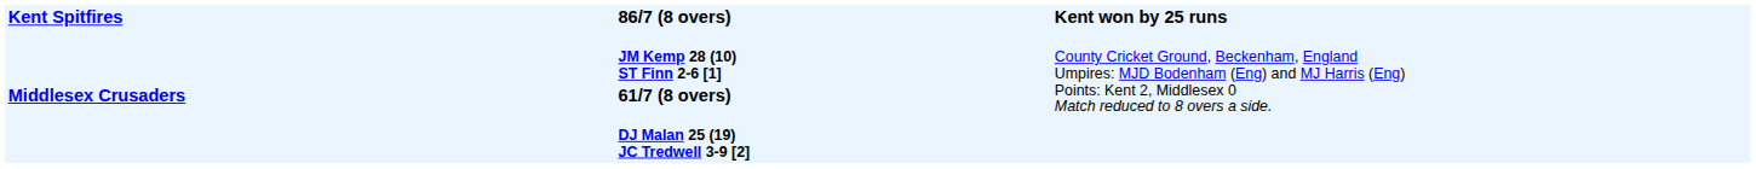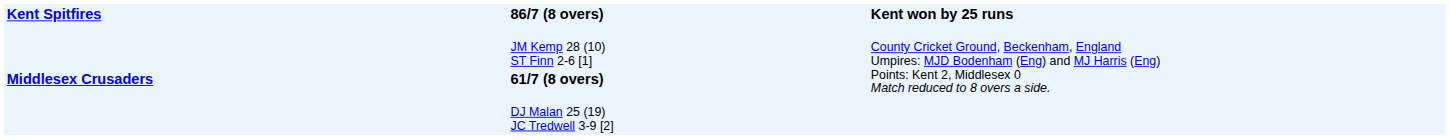 <table style="width:100%; background:#ebf5ff;">
 <tr>
 <td style="width:35%; vertical-align:top;" rowspan="2"><strong><a href='#'>Kent Spitfires</a></strong></td>
 <td style="width:25%;"><strong>86/7 (8 overs)</strong></td>
 <td style="width:40%;"><strong>Kent won by 25 runs</strong></td>
 </tr>
 <tr>
-<td style="font-size: 85%;"><strong><br><a href='#'>JM Kemp</a> 28 (10)<br> <a href='#'>ST Finn</a> 2-6 [1]</strong></td>
+<td style="font-size: 85%;"><br><a href='#'>JM Kemp</a> 28 (10)<br> <a href='#'>ST Finn</a> 2-6 [1]</td>
 <td style="vertical-align:top; font-size:85%;" rowspan="3"><br><a href='#'>County Cricket Ground</a>, <a href='#'>Beckenham</a>, <a href='#'>England</a><br> Umpires: <a href='#'>MJD Bodenham</a> (<a href='#'>Eng</a>) and <a href='#'>MJ Harris</a> (<a href='#'>Eng</a>)<br> Points: Kent 2, Middlesex 0<br><em>Match reduced to 8 overs a side.</em></td>
 </tr>
 <tr>
 <td style="vertical-align:top;" rowspan="2"><strong><a href='#'>Middlesex Crusaders</a></strong></td>
 <td><strong>61/7 (8 overs)</strong></td>
 </tr>
 <tr>
-<td style="font-size: 85%;"><strong><br><a href='#'>DJ Malan</a> 25 (19)<br> <a href='#'>JC Tredwell</a> 3-9 [2]</strong></td>
+<td style="font-size: 85%;"><br><a href='#'>DJ Malan</a> 25 (19)<br> <a href='#'>JC Tredwell</a> 3-9 [2]</td>
 </tr>
 </table>
